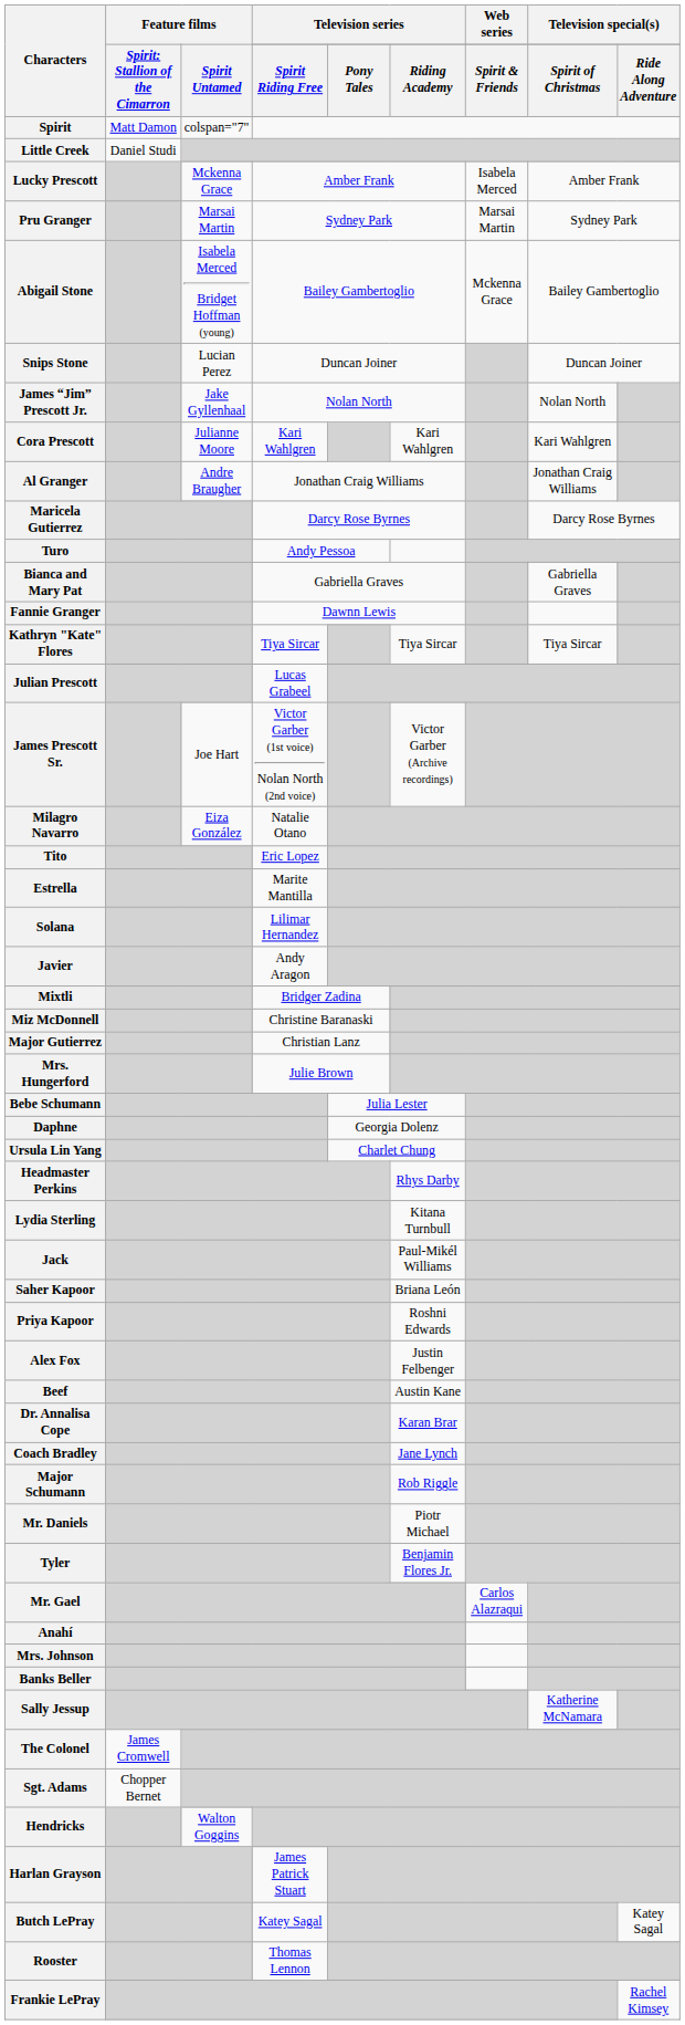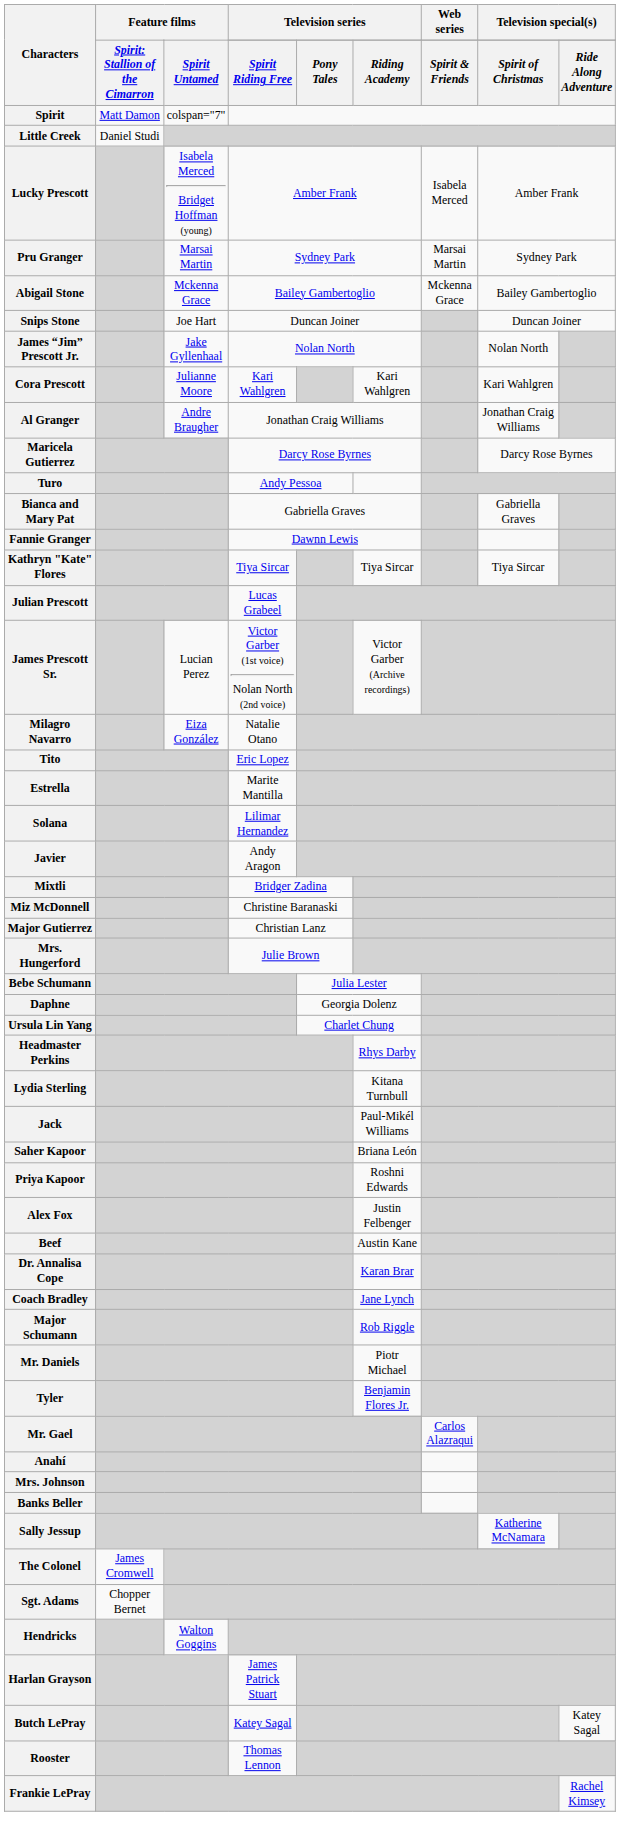 <table class="wikitable" style="text-align:center; width:99%; font-size:75%">
 <tr>
 <th rowspan="3" style="text-align:center; width:15%;">Characters</th>
 <th colspan="2">Feature films</th>
 <th colspan="3">Television series</th>
 <th>Web series</th>
 <th colspan="2">Television special(s)</th>
 </tr>
 <tr>
 <th style="text-align:center; width:11.285%;" rowspan="2"><em><a href='#'>Spirit:<br>Stallion of the Cimarron</a></em></th>
 <th style="text-align:center; width:10.285%;" rowspan="2"><em><a href='#'>Spirit Untamed</a></em></th>
 </tr>
 <tr>
 <th style="text-align:center; width:11.285%;"><em><a href='#'>Spirit Riding Free</a></em></th>
 <th style="text-align:center; width:9.285%;"><em>Pony Tales</em></th>
 <th style="text-align:center; width:11.285%;"><em>Riding Academy</em></th>
 <th style="text-align:center; width:9.285%;"><em>Spirit & Friends</em></th>
 <th style="text-align:center; width:13.285%;"><em>Spirit of Christmas</em></th>
 <th style="text-align:center; width:11.285%;"><em>Ride Along Adventure</em></th>
 </tr>
 <tr>
 <th>Spirit</th>
 <td><a href='#'>Matt Damon</a></td>
 <td>colspan="7" </td>
 </tr>
 <tr>
 <th>Little Creek</th>
 <td>Daniel Studi</td>
 <td colspan="7" style=background-color:#D3D3D3></td>
 </tr>
 <tr>
 <th>Lucky Prescott</th>
 <td style=background-color:#D3D3D3></td>
-<td><a href='#'>Mckenna Grace</a></td>
+<td><a href='#'>Isabela Merced</a><hr><a href='#'>Bridget Hoffman</a><br><small>(young)</small></td>
 <td colspan="3"><a href='#'>Amber Frank</a></td>
 <td>Isabela Merced</td>
 <td colspan="2">Amber Frank</td>
 </tr>
 <tr>
 <th>Pru Granger</th>
 <td style=background-color:#D3D3D3></td>
 <td><a href='#'>Marsai Martin</a></td>
 <td colspan="3"><a href='#'>Sydney Park</a></td>
 <td>Marsai Martin</td>
 <td colspan="2">Sydney Park</td>
 </tr>
 <tr>
 <th>Abigail Stone</th>
 <td style=background-color:#D3D3D3></td>
-<td><a href='#'>Isabela Merced</a><hr><a href='#'>Bridget Hoffman</a><br><small>(young)</small></td>
+<td><a href='#'>Mckenna Grace</a></td>
 <td colspan="3"><a href='#'>Bailey Gambertoglio</a></td>
 <td>Mckenna Grace</td>
 <td colspan="2">Bailey Gambertoglio</td>
 </tr>
 <tr>
 <th>Snips Stone</th>
 <td style=background-color:#D3D3D3></td>
-<td>Lucian Perez</td>
+<td>Joe Hart</td>
 <td colspan="3">Duncan Joiner</td>
 <td style=background-color:#D3D3D3></td>
 <td colspan="2">Duncan Joiner</td>
 </tr>
 <tr>
 <th>James “Jim” Prescott Jr.</th>
 <td style=background-color:#D3D3D3></td>
 <td><a href='#'>Jake Gyllenhaal</a></td>
 <td colspan="3"><a href='#'>Nolan North</a></td>
 <td style=background-color:#D3D3D3></td>
 <td>Nolan North</td>
 <td style=background-color:#D3D3D3></td>
 </tr>
 <tr>
 <th>Cora Prescott</th>
 <td style=background-color:#D3D3D3></td>
 <td><a href='#'>Julianne Moore</a></td>
 <td><a href='#'>Kari Wahlgren</a></td>
 <td style=background-color:#D3D3D3></td>
 <td>Kari Wahlgren</td>
 <td style=background-color:#D3D3D3></td>
 <td>Kari Wahlgren</td>
 <td style=background-color:#D3D3D3></td>
 </tr>
 <tr>
 <th>Al Granger</th>
 <td style=background-color:#D3D3D3></td>
 <td><a href='#'>Andre Braugher</a></td>
 <td colspan="3">Jonathan Craig Williams</td>
 <td style=background-color:#D3D3D3></td>
 <td>Jonathan Craig Williams</td>
 <td style=background-color:#D3D3D3></td>
 </tr>
 <tr>
 <th>Maricela Gutierrez</th>
 <td colspan="2" style=background-color:#D3D3D3></td>
 <td colspan="3"><a href='#'>Darcy Rose Byrnes</a></td>
 <td style=background-color:#D3D3D3></td>
 <td colspan="2">Darcy Rose Byrnes</td>
 </tr>
 <tr>
 <th>Turo</th>
 <td colspan="2" style=background-color:#D3D3D3></td>
 <td colspan="2"><a href='#'>Andy Pessoa</a></td>
 <td></td>
 <td colspan="3" style=background-color:#D3D3D3></td>
 </tr>
 <tr>
 <th>Bianca and Mary Pat</th>
 <td colspan="2" style=background-color:#D3D3D3></td>
 <td colspan="3">Gabriella Graves</td>
 <td style=background-color:#D3D3D3></td>
 <td>Gabriella Graves</td>
 <td style=background-color:#D3D3D3></td>
 </tr>
 <tr>
 <th>Fannie Granger</th>
 <td colspan="2" style=background-color:#D3D3D3></td>
 <td colspan="3"><a href='#'>Dawnn Lewis</a></td>
 <td style=background-color:#D3D3D3></td>
 <td></td>
 <td style=background-color:#D3D3D3></td>
 </tr>
 <tr>
 <th>Kathryn "Kate" Flores</th>
 <td colspan="2" style=background-color:#D3D3D3></td>
 <td><a href='#'>Tiya Sircar</a></td>
 <td style=background-color:#D3D3D3></td>
 <td>Tiya Sircar</td>
 <td style=background-color:#D3D3D3></td>
 <td>Tiya Sircar</td>
 <td style=background-color:#D3D3D3></td>
 </tr>
 <tr>
 <th>Julian Prescott</th>
 <td colspan="2" style=background-color:#D3D3D3></td>
 <td><a href='#'>Lucas Grabeel</a></td>
 <td colspan="5" style=background-color:#D3D3D3></td>
 </tr>
 <tr>
 <th>James Prescott Sr.</th>
 <td style=background-color:#D3D3D3></td>
-<td>Joe Hart</td>
+<td>Lucian Perez</td>
 <td><a href='#'>Victor Garber</a><br><small>(1st voice)</small><hr>Nolan North<br><small>(2nd voice)</small></td>
 <td style=background-color:#D3D3D3></td>
 <td>Victor Garber<br><small>(Archive recordings)</small></td>
 <td colspan="3" style=background-color:#D3D3D3></td>
 </tr>
 <tr>
 <th>Milagro Navarro</th>
 <td style=background-color:#D3D3D3></td>
 <td><a href='#'>Eiza González</a></td>
 <td>Natalie Otano</td>
 <td colspan="5" style=background-color:#D3D3D3></td>
 </tr>
 <tr>
 <th>Tito</th>
 <td colspan="2" style=background-color:#D3D3D3></td>
 <td><a href='#'>Eric Lopez</a></td>
 <td colspan="5" style=background-color:#D3D3D3></td>
 </tr>
 <tr>
 <th>Estrella</th>
 <td colspan="2" style=background-color:#D3D3D3></td>
 <td>Marite Mantilla</td>
 <td colspan="5" style=background-color:#D3D3D3></td>
 </tr>
 <tr>
 <th>Solana</th>
 <td colspan="2" style=background-color:#D3D3D3></td>
 <td><a href='#'>Lilimar Hernandez</a></td>
 <td colspan="5" style=background-color:#D3D3D3></td>
 </tr>
 <tr>
 <th>Javier</th>
 <td colspan="2" style=background-color:#D3D3D3></td>
 <td>Andy Aragon</td>
 <td colspan="5" style=background-color:#D3D3D3></td>
 </tr>
 <tr>
 <th>Mixtli</th>
 <td colspan="2" style=background-color:#D3D3D3></td>
 <td colspan="2"><a href='#'>Bridger Zadina</a></td>
 <td colspan="4" style=background-color:#D3D3D3></td>
 </tr>
 <tr>
 <th>Miz McDonnell</th>
 <td colspan="2" style=background-color:#D3D3D3></td>
 <td colspan="2">Christine Baranaski</td>
 <td colspan="4" style=background-color:#D3D3D3></td>
 </tr>
 <tr>
 <th>Major Gutierrez</th>
 <td colspan="2" style=background-color:#D3D3D3></td>
 <td colspan="2">Christian Lanz</td>
 <td colspan="4" style=background-color:#D3D3D3></td>
 </tr>
 <tr>
 <th>Mrs. Hungerford</th>
 <td colspan="2" style=background-color:#D3D3D3></td>
 <td colspan="2"><a href='#'>Julie Brown</a></td>
 <td colspan="5" style=background-color:#D3D3D3></td>
 </tr>
 <tr>
 <th>Bebe Schumann</th>
 <td colspan="3" style=background-color:#D3D3D3></td>
 <td colspan="2"><a href='#'>Julia Lester</a></td>
 <td colspan="3" style=background-color:#D3D3D3></td>
 </tr>
 <tr>
 <th>Daphne</th>
 <td colspan="3" style=background-color:#D3D3D3></td>
 <td colspan="2">Georgia Dolenz</td>
 <td colspan="3" style=background-color:#D3D3D3></td>
 </tr>
 <tr>
 <th>Ursula Lin Yang</th>
 <td colspan="3" style=background-color:#D3D3D3></td>
 <td colspan="2"><a href='#'>Charlet Chung</a></td>
 <td colspan="3" style=background-color:#D3D3D3></td>
 </tr>
 <tr>
 <th>Headmaster Perkins</th>
 <td colspan="4" style=background-color:#D3D3D3></td>
 <td><a href='#'>Rhys Darby</a></td>
 <td colspan="3" style=background-color:#D3D3D3></td>
 </tr>
 <tr>
 <th>Lydia Sterling</th>
 <td colspan="4" style=background-color:#D3D3D3></td>
 <td>Kitana Turnbull</td>
 <td colspan="3" style=background-color:#D3D3D3></td>
 </tr>
 <tr>
 <th>Jack</th>
 <td colspan="4" style=background-color:#D3D3D3></td>
 <td>Paul-Mikél Williams</td>
 <td colspan="3" style=background-color:#D3D3D3></td>
 </tr>
 <tr>
 <th>Saher Kapoor</th>
 <td colspan="4" style=background-color:#D3D3D3></td>
 <td>Briana León</td>
 <td colspan="3" style=background-color:#D3D3D3></td>
 </tr>
 <tr>
 <th>Priya Kapoor</th>
 <td colspan="4" style=background-color:#D3D3D3></td>
 <td>Roshni Edwards</td>
 <td colspan="3" style=background-color:#D3D3D3></td>
 </tr>
 <tr>
 <th>Alex Fox</th>
 <td colspan="4" style=background-color:#D3D3D3></td>
 <td>Justin Felbenger</td>
 <td colspan="3" style=background-color:#D3D3D3></td>
 </tr>
 <tr>
 <th>Beef</th>
 <td colspan="4" style=background-color:#D3D3D3></td>
 <td>Austin Kane</td>
 <td colspan="3" style=background-color:#D3D3D3></td>
 </tr>
 <tr>
 <th>Dr. Annalisa Cope</th>
 <td colspan="4" style=background-color:#D3D3D3></td>
 <td><a href='#'>Karan Brar</a></td>
 <td colspan="3" style=background-color:#D3D3D3></td>
 </tr>
 <tr>
 <th>Coach Bradley</th>
 <td colspan="4" style=background-color:#D3D3D3></td>
 <td><a href='#'>Jane Lynch</a></td>
 <td colspan="3" style=background-color:#D3D3D3></td>
 </tr>
 <tr>
 <th>Major Schumann</th>
 <td colspan="4" style=background-color:#D3D3D3></td>
 <td><a href='#'>Rob Riggle</a></td>
 <td colspan="3" style=background-color:#D3D3D3></td>
 </tr>
 <tr>
 <th>Mr. Daniels</th>
 <td colspan="4" style=background-color:#D3D3D3></td>
 <td>Piotr Michael</td>
 <td colspan="3" style=background-color:#D3D3D3></td>
 </tr>
 <tr>
 <th>Tyler</th>
 <td colspan="4" style=background-color:#D3D3D3></td>
 <td><a href='#'>Benjamin Flores Jr.</a></td>
 <td colspan="3" style=background-color:#D3D3D3></td>
 </tr>
 <tr>
 <th>Mr. Gael</th>
 <td colspan="5" style=background-color:#D3D3D3></td>
 <td><a href='#'>Carlos Alazraqui</a></td>
 <td colspan="2" style=background-color:#D3D3D3></td>
 </tr>
 <tr>
 <th>Anahí</th>
 <td colspan="5" style=background-color:#D3D3D3></td>
 <td></td>
 <td colspan="2" style=background-color:#D3D3D3></td>
 </tr>
 <tr>
 <th>Mrs. Johnson</th>
 <td colspan="5" style=background-color:#D3D3D3></td>
 <td></td>
 <td colspan="2" style=background-color:#D3D3D3></td>
 </tr>
 <tr>
 <th>Banks Beller</th>
 <td colspan="5" style=background-color:#D3D3D3></td>
 <td></td>
 <td colspan="2" style=background-color:#D3D3D3></td>
 </tr>
 <tr>
 <th>Sally Jessup</th>
 <td colspan="6" style=background-color:#D3D3D3></td>
 <td><a href='#'>Katherine McNamara</a></td>
 <td style=background-color:#D3D3D3></td>
 </tr>
 <tr>
 <th>The Colonel</th>
 <td><a href='#'>James Cromwell</a></td>
 <td colspan="7" style=background-color:#D3D3D3></td>
 </tr>
 <tr>
 <th>Sgt. Adams</th>
 <td>Chopper Bernet</td>
 <td colspan="7" style=background-color:#D3D3D3></td>
 </tr>
 <tr>
 <th>Hendricks</th>
 <td style=background-color:#D3D3D3></td>
 <td><a href='#'>Walton Goggins</a></td>
 <td colspan="6" style=background-color:#D3D3D3></td>
 </tr>
 <tr>
 <th>Harlan Grayson</th>
 <td colspan="2" style=background-color:#D3D3D3></td>
 <td><a href='#'>James Patrick Stuart</a></td>
 <td colspan="5" style=background-color:#D3D3D3></td>
 </tr>
 <tr>
 <th>Butch LePray</th>
 <td colspan="2" style=background-color:#D3D3D3></td>
 <td><a href='#'>Katey Sagal</a></td>
 <td colspan="4" style=background-color:#D3D3D3></td>
 <td>Katey Sagal</td>
 </tr>
 <tr>
 <th>Rooster</th>
 <td colspan="2" style=background-color:#D3D3D3></td>
 <td><a href='#'>Thomas Lennon</a></td>
 <td colspan="5" style=background-color:#D3D3D3></td>
 </tr>
 <tr>
 <th>Frankie LePray</th>
 <td colspan="7" style=background-color:#D3D3D3></td>
 <td><a href='#'>Rachel Kimsey</a></td>
 </tr>
 </table>
